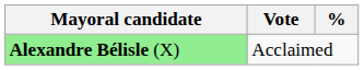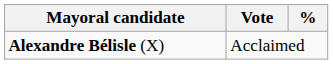 <table class="wikitable">
 <tr>
 <th bgcolor="#DDDDFF" width="200px">Mayoral candidate</th>
 <th bgcolor="#DDDDFF" width="50px">Vote</th>
 <th bgcolor="#DDDDFF" width="30px">%</th>
 </tr>
 <tr>
-<td style="background: lightgreen;"><strong>Alexandre Bélisle</strong> (X)</td>
+<td><strong>Alexandre Bélisle</strong> (X)</td>
 <td colspan="2">Acclaimed</td>
 </tr>
 </table>
